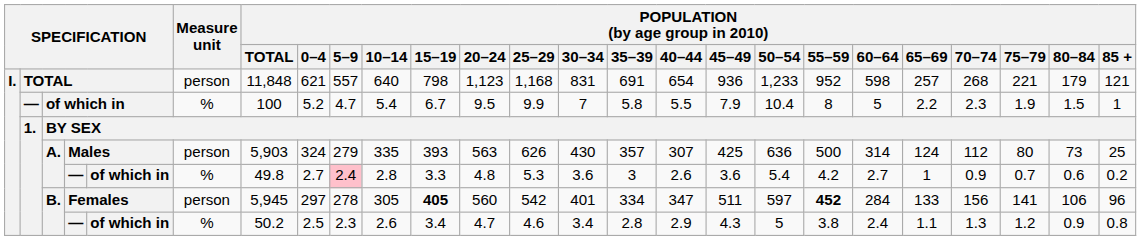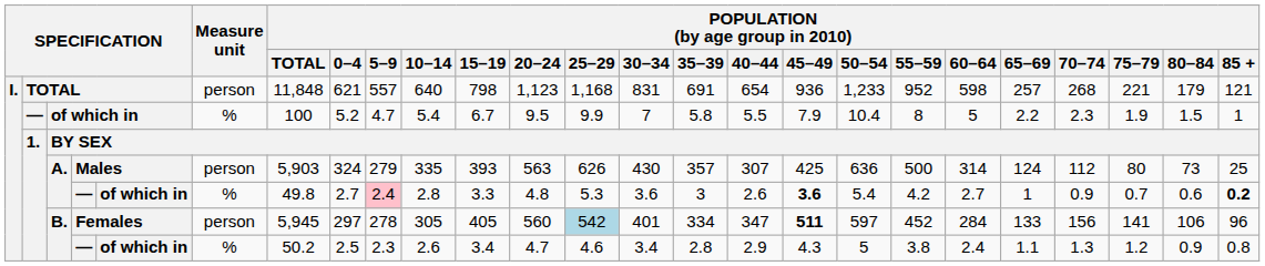 <table class="wikitable" style="font-size:85%; text-align:center">
 <tr>
 <th rowspan="2" colspan="5">SPECIFICATION</th>
 <th rowspan="2">Measure<br> unit</th>
 <th colspan="20" rowspan="1">POPULATION<br> (by age group in 2010)</th>
 </tr>
 <tr>
 <th>TOTAL</th>
 <th>0–4</th>
 <th>5–9</th>
 <th>10–14</th>
 <th>15–19</th>
 <th>20–24</th>
 <th>25–29</th>
 <th>30–34</th>
 <th>35–39</th>
 <th>40–44</th>
 <th>45–49</th>
 <th>50–54</th>
 <th>55–59</th>
 <th>60–64</th>
 <th>65–69</th>
 <th>70–74</th>
 <th>75–79</th>
 <th>80–84</th>
 <th>85 +</th>
 </tr>
 <tr>
 <th style="text-align:left" valign="top" rowspan="7">I.</th>
 <th style="text-align:left" colspan="4">TOTAL</th>
 <td>person</td>
 <td>11,848</td>
 <td>621</td>
 <td>557</td>
 <td>640</td>
 <td>798</td>
 <td>1,123</td>
 <td>1,168</td>
 <td>831</td>
 <td>691</td>
 <td>654</td>
 <td>936</td>
 <td>1,233</td>
 <td>952</td>
 <td>598</td>
 <td>257</td>
 <td>268</td>
 <td>221</td>
 <td>179</td>
 <td>121</td>
 </tr>
 <tr>
 <th style="text-align:left" valign="top">—</th>
 <th style="text-align:left" colspan="3">of which in</th>
 <td>%</td>
 <td>100</td>
 <td>5.2</td>
 <td>4.7</td>
 <td>5.4</td>
 <td>6.7</td>
 <td>9.5</td>
 <td>9.9</td>
 <td>7</td>
 <td>5.8</td>
 <td>5.5</td>
 <td>7.9</td>
 <td>10.4</td>
 <td>8</td>
 <td>5</td>
 <td>2.2</td>
 <td>2.3</td>
 <td>1.9</td>
 <td>1.5</td>
 <td>1</td>
 </tr>
 <tr>
 <th style="text-align:left" valign="top" rowspan="5">1.</th>
 <th style="text-align:left" colspan="23">BY SEX</th>
 </tr>
 <tr>
 <th style="text-align:left" valign="top" rowspan="2">A.</th>
 <th style="text-align:left" colspan="2">Males</th>
 <td>person</td>
 <td>5,903</td>
 <td>324</td>
 <td>279</td>
 <td>335</td>
 <td>393</td>
 <td>563</td>
 <td>626</td>
 <td>430</td>
 <td>357</td>
 <td>307</td>
 <td>425</td>
 <td>636</td>
 <td>500</td>
 <td>314</td>
 <td>124</td>
 <td>112</td>
 <td>80</td>
 <td>73</td>
 <td>25</td>
 </tr>
 <tr>
 <th style="text-align:left" valign="top">—</th>
 <th style="text-align:left" colspan="1">of which in</th>
 <td>%</td>
 <td>49.8</td>
 <td>2.7</td>
 <td style="background: pink;">2.4</td>
 <td>2.8</td>
 <td>3.3</td>
 <td>4.8</td>
 <td>5.3</td>
 <td>3.6</td>
 <td>3</td>
 <td>2.6</td>
-<td>3.6</td>
+<td><strong>3.6</strong></td>
 <td>5.4</td>
 <td>4.2</td>
 <td>2.7</td>
 <td>1</td>
 <td>0.9</td>
 <td>0.7</td>
 <td>0.6</td>
-<td>0.2</td>
+<td><strong>0.2</strong></td>
 </tr>
 <tr>
 <th style="text-align:left" valign="top" rowspan="2">B.</th>
 <th style="text-align:left" colspan="2">Females</th>
 <td>person</td>
 <td>5,945</td>
 <td>297</td>
 <td>278</td>
 <td>305</td>
-<td><strong>405</strong></td>
+<td>405</td>
 <td>560</td>
-<td>542</td>
+<td style="background: lightblue;">542</td>
 <td>401</td>
 <td>334</td>
 <td>347</td>
-<td>511</td>
+<td><strong>511</strong></td>
 <td>597</td>
-<td><strong>452</strong></td>
+<td>452</td>
 <td>284</td>
 <td>133</td>
 <td>156</td>
 <td>141</td>
 <td>106</td>
 <td>96</td>
 </tr>
 <tr>
 <th style="text-align:left" valign="top">—</th>
 <th style="text-align:left" colspan="1">of which in</th>
 <td>%</td>
 <td>50.2</td>
 <td>2.5</td>
 <td>2.3</td>
 <td>2.6</td>
 <td>3.4</td>
 <td>4.7</td>
 <td>4.6</td>
 <td>3.4</td>
 <td>2.8</td>
 <td>2.9</td>
 <td>4.3</td>
 <td>5</td>
 <td>3.8</td>
 <td>2.4</td>
 <td>1.1</td>
 <td>1.3</td>
 <td>1.2</td>
 <td>0.9</td>
 <td>0.8</td>
 </tr>
 </table>
